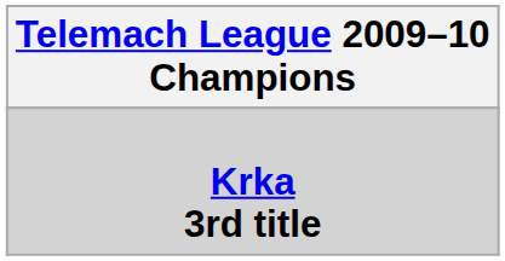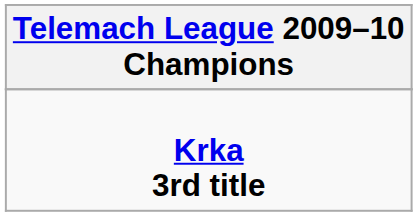 <table class="wikitable" style="text-align: center; margin: 0 auto;">
 <tr>
 <th><a href='#'>Telemach League</a> 2009–10<br>Champions</th>
 </tr>
 <tr>
 </tr>
 <tr>
-<td style="background: lightgrey;"> <br><strong><a href='#'>Krka</a></strong><br><strong>3rd title</strong></td>
+<td> <br><strong><a href='#'>Krka</a></strong><br><strong>3rd title</strong></td>
 </tr>
 </table>
